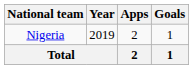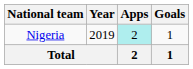 <table class="wikitable" style="text-align:center">
 <tr>
 <th>National team</th>
 <th>Year</th>
 <th>Apps</th>
 <th>Goals</th>
 </tr>
 <tr>
 <td><a href='#'>Nigeria</a></td>
 <td>2019</td>
-<td>2</td>
+<td style="background: paleturquoise;">2</td>
 <td>1</td>
 </tr>
 <tr>
 <th colspan=2>Total</th>
 <th>2</th>
 <th>1</th>
 </tr>
 </table>
